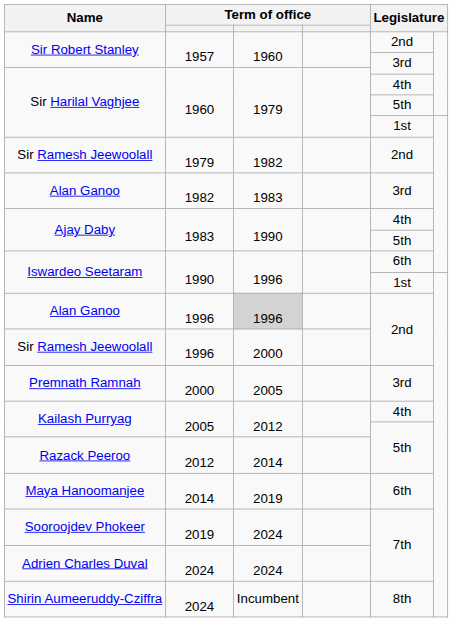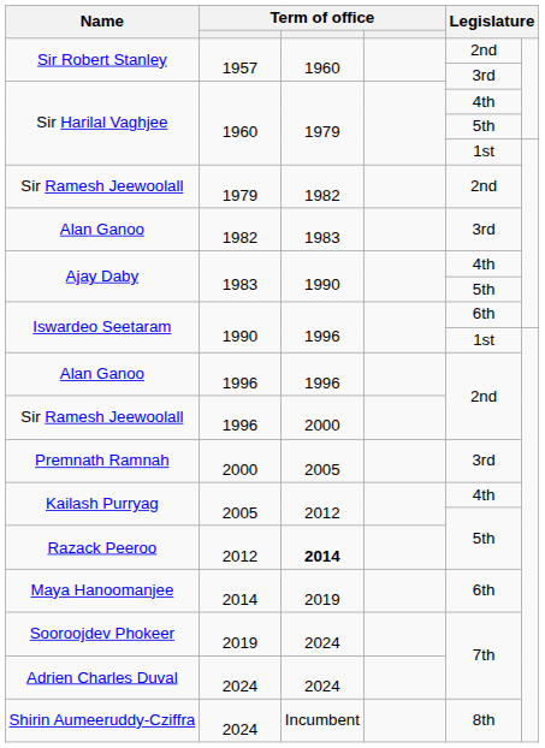 <table class="wikitable" style="font-size:100%;text-align:center">
 <tr>
 <th rowspan="2">Name<br></th>
 <th colspan="3">Term of office</th>
 <th colspan="2" rowspan="2">Legislature</th>
 </tr>
 <tr>
 <th width="75"></th>
 <th width="75"></th>
 <th width="75"></th>
 </tr>
 <tr>
 <td rowspan=2><a href='#'>Sir Robert Stanley</a></td>
 <td rowspan=2><br>1957</td>
 <td rowspan=2><br>1960</td>
 <td rowspan=2></td>
 <td>2nd</td>
 <td rowspan=5></td>
 </tr>
 <tr>
 <td rowspan=2>3rd</td>
 </tr>
 <tr>
 <td rowspan=5>Sir <a href='#'>Harilal Vaghjee</a><br></td>
 <td rowspan=5><br>1960</td>
 <td rowspan=5><br>1979</td>
 <td rowspan=5></td>
 </tr>
 <tr>
 <td>4th</td>
 </tr>
 <tr>
 <td>5th</td>
 </tr>
 <tr>
 <td>1st</td>
 <td rowspan=8></td>
 </tr>
 <tr>
 <td rowspan=2>2nd</td>
 </tr>
 <tr>
 <td>Sir <a href='#'>Ramesh Jeewoolall</a><br></td>
 <td><br>1979</td>
 <td><br>1982</td>
 <td></td>
 </tr>
 <tr>
 <td><a href='#'>Alan Ganoo</a><br></td>
 <td><br>1982</td>
 <td><br>1983</td>
 <td></td>
 <td>3rd</td>
 </tr>
 <tr>
 <td rowspan=3><a href='#'>Ajay Daby</a><br></td>
 <td rowspan=3><br>1983</td>
 <td rowspan=3><br>1990</td>
 <td rowspan=3></td>
 <td>4th</td>
 </tr>
 <tr>
 <td>5th</td>
 </tr>
 <tr>
 <td rowspan=2>6th</td>
 </tr>
 <tr>
 <td rowspan=2><a href='#'>Iswardeo Seetaram</a><br></td>
 <td rowspan=2><br>1990</td>
 <td rowspan=2><br>1996</td>
 <td rowspan=2></td>
 </tr>
 <tr>
 <td>1st</td>
 <td rowspan=12></td>
 </tr>
 <tr>
 <td><a href='#'>Alan Ganoo</a><br></td>
 <td><br>1996</td>
-<td style="background: lightgrey;"><br>1996</td>
+<td><br>1996</td>
 <td></td>
 <td rowspan=2>2nd</td>
 </tr>
 <tr>
 <td>Sir <a href='#'>Ramesh Jeewoolall</a><br></td>
 <td><br>1996</td>
 <td><br>2000</td>
 <td></td>
 </tr>
 <tr>
 <td><a href='#'>Premnath Ramnah</a></td>
 <td><br>2000</td>
 <td><br>2005</td>
 <td></td>
 <td>3rd</td>
 </tr>
 <tr>
 <td rowspan=2><a href='#'>Kailash Purryag</a><br></td>
 <td rowspan=2><br>2005</td>
 <td rowspan=2><br>2012</td>
 <td rowspan=2></td>
 <td>4th</td>
 </tr>
 <tr>
 <td rowspan=2>5th</td>
 </tr>
 <tr>
 <td><a href='#'>Razack Peeroo</a><br></td>
 <td><br>2012</td>
-<td><br>2014</td>
+<td><strong><br>2014</strong></td>
 <td></td>
 </tr>
 <tr>
 <td><a href='#'>Maya Hanoomanjee</a><br></td>
 <td><br>2014</td>
 <td><br>2019</td>
 <td></td>
 <td>6th</td>
 </tr>
 <tr>
 <td><a href='#'>Sooroojdev Phokeer</a><br></td>
 <td><br>2019</td>
 <td><br>2024</td>
 <td></td>
 <td rowspan=2>7th</td>
 </tr>
 <tr>
 <td><a href='#'>Adrien Charles Duval</a><br></td>
 <td><br>2024</td>
 <td><br>2024</td>
 <td></td>
 </tr>
 <tr>
 <td><a href='#'>Shirin Aumeeruddy-Cziffra</a><br></td>
 <td><br>2024</td>
 <td>Incumbent</td>
 <td></td>
 <td>8th</td>
 </tr>
 </table>
